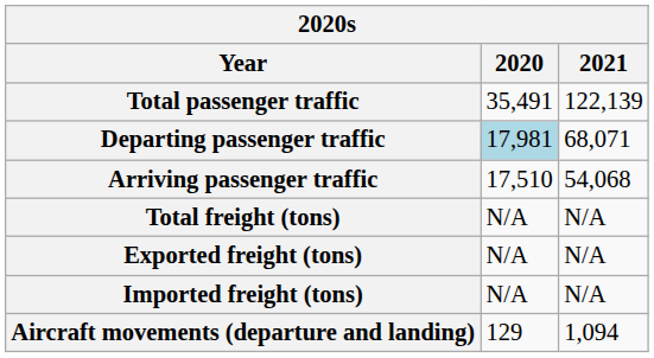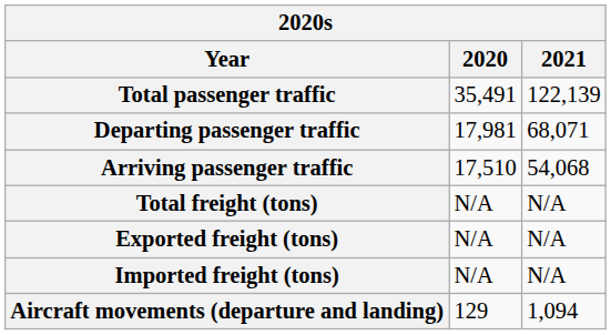 <table class="wikitable mw-collapsible">
 <tr>
 <th colspan="3">2020s</th>
 </tr>
 <tr>
 <th>Year</th>
 <th>2020</th>
 <th>2021</th>
 </tr>
 <tr>
 <th>Total passenger traffic</th>
 <td>35,491</td>
 <td>122,139</td>
 </tr>
 <tr>
 <th>Departing passenger traffic</th>
-<td style="background: lightblue;">17,981</td>
+<td>17,981</td>
 <td>68,071</td>
 </tr>
 <tr>
 <th>Arriving passenger traffic</th>
 <td>17,510</td>
 <td>54,068</td>
 </tr>
 <tr>
 <th>Total freight (tons)</th>
 <td>N/A</td>
 <td>N/A</td>
 </tr>
 <tr>
 <th>Exported freight (tons)</th>
 <td>N/A</td>
 <td>N/A</td>
 </tr>
 <tr>
 <th>Imported freight (tons)</th>
 <td>N/A</td>
 <td>N/A</td>
 </tr>
 <tr>
 <th>Aircraft movements (departure and landing)</th>
 <td>129</td>
 <td>1,094</td>
 </tr>
 </table>
